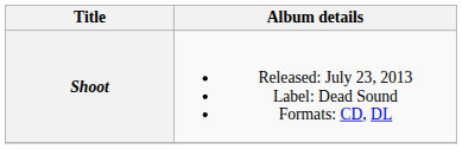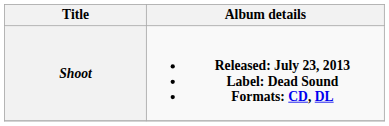 <table class="wikitable plainrowheaders" style="text-align:center;">
 <tr>
 <th scope="col" colwspan="2" style="width:10em;">Title</th>
 <th scope="col" colspan="2" style="width:17em;">Album details</th>
 </tr>
 <tr>
 <th scope="row"><em>Shoot</em></th>
-<td><br><ul><li>Released: July 23, 2013</li><li>Label: Dead Sound</li><li>Formats: <a href='#'>CD</a>, <a href='#'>DL</a></li></ul></td>
+<td><strong><br><ul><li>Released: July 23, 2013</li><li>Label: Dead Sound</li><li>Formats: <a href='#'>CD</a>, <a href='#'>DL</a></li></ul></strong></td>
 </tr>
 <tr>
 </tr>
 </table>
